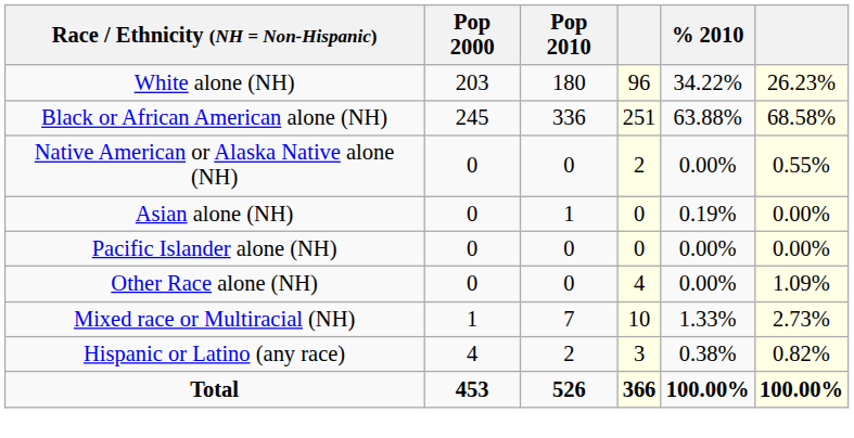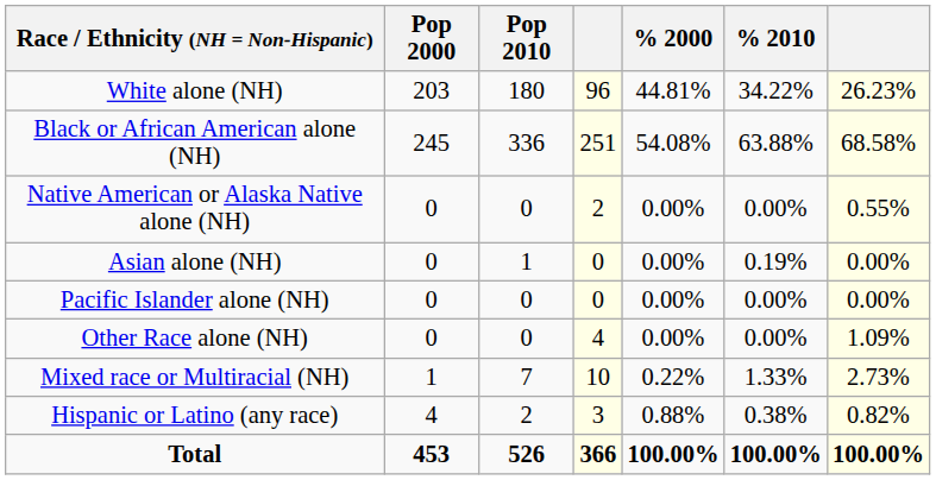 <table class="wikitable" style="text-align:center;">
 <tr>
 <th>Race / Ethnicity <small>(<em>NH = Non-Hispanic</em>)</small></th>
 <th>Pop 2000</th>
 <th>Pop 2010</th>
 <th></th>
+<th>% 2000</th>
 <th>% 2010</th>
 <th></th>
 </tr>
 <tr>
 <td><a href='#'>White</a> alone (NH)</td>
 <td>203</td>
 <td>180</td>
 <td style='background: #ffffe6;'>96</td>
+<td>44.81%</td>
 <td>34.22%</td>
 <td style='background: #ffffe6;'>26.23%</td>
 </tr>
 <tr>
 <td><a href='#'>Black or African American</a> alone (NH)</td>
 <td>245</td>
 <td>336</td>
 <td style='background: #ffffe6;'>251</td>
+<td>54.08%</td>
 <td>63.88%</td>
 <td style='background: #ffffe6;'>68.58%</td>
 </tr>
 <tr>
 <td><a href='#'>Native American</a> or <a href='#'>Alaska Native</a> alone (NH)</td>
 <td>0</td>
 <td>0</td>
 <td style='background: #ffffe6;'>2</td>
 <td>0.00%</td>
+<td>0.00%</td>
 <td style='background: #ffffe6;'>0.55%</td>
 </tr>
 <tr>
 <td><a href='#'>Asian</a> alone (NH)</td>
 <td>0</td>
 <td>1</td>
 <td style='background: #ffffe6;'>0</td>
+<td>0.00%</td>
 <td>0.19%</td>
 <td style='background: #ffffe6;'>0.00%</td>
 </tr>
 <tr>
 <td><a href='#'>Pacific Islander</a> alone (NH)</td>
 <td>0</td>
 <td>0</td>
 <td style='background: #ffffe6;'>0</td>
 <td>0.00%</td>
+<td>0.00%</td>
 <td style='background: #ffffe6;'>0.00%</td>
 </tr>
 <tr>
 <td><a href='#'>Other Race</a> alone (NH)</td>
 <td>0</td>
 <td>0</td>
 <td style='background: #ffffe6;'>4</td>
 <td>0.00%</td>
+<td>0.00%</td>
 <td style='background: #ffffe6;'>1.09%</td>
 </tr>
 <tr>
 <td><a href='#'>Mixed race or Multiracial</a> (NH)</td>
 <td>1</td>
 <td>7</td>
 <td style='background: #ffffe6;'>10</td>
+<td>0.22%</td>
 <td>1.33%</td>
 <td style='background: #ffffe6;'>2.73%</td>
 </tr>
 <tr>
 <td><a href='#'>Hispanic or Latino</a> (any race)</td>
 <td>4</td>
 <td>2</td>
 <td style='background: #ffffe6;'>3</td>
+<td>0.88%</td>
 <td>0.38%</td>
 <td style='background: #ffffe6;'>0.82%</td>
 </tr>
 <tr>
 <td><strong>Total</strong></td>
 <td><strong>453</strong></td>
 <td><strong>526</strong></td>
 <td style='background: #ffffe6;'><strong>366</strong></td>
 <td><strong>100.00%</strong></td>
+<td><strong>100.00%</strong></td>
 <td style='background: #ffffe6;'><strong>100.00%</strong></td>
 </tr>
 </table>
